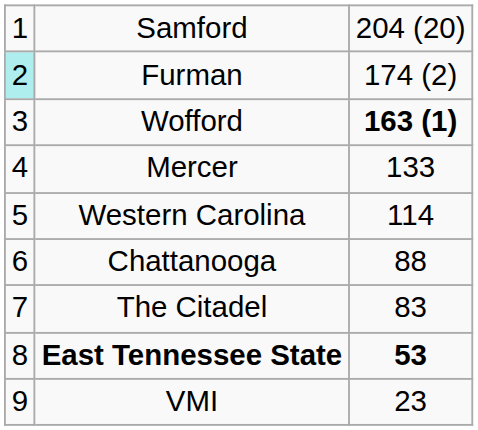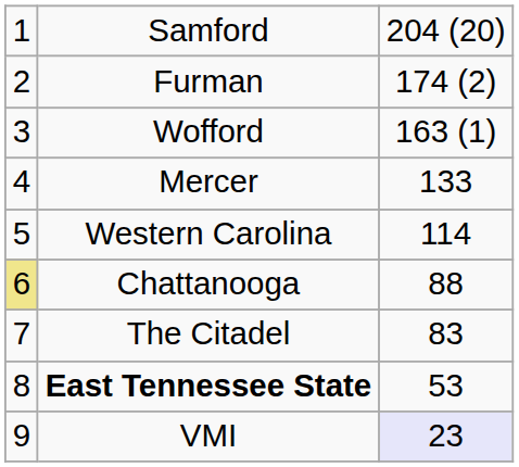 <table class="wikitable" style="display: inline-table;">
 <tr align="center">
 <td>1</td>
 <td>Samford</td>
 <td>204 (20)</td>
 </tr>
 <tr align="center">
-<td style="background: paleturquoise;">2</td>
+<td>2</td>
 <td>Furman</td>
 <td>174 (2)</td>
 </tr>
 <tr align="center">
 <td>3</td>
 <td>Wofford</td>
-<td><strong>163 (1)</strong></td>
+<td>163 (1)</td>
 </tr>
 <tr align="center">
 <td>4</td>
 <td>Mercer</td>
 <td>133</td>
 </tr>
 <tr align="center">
 <td>5</td>
 <td>Western Carolina</td>
 <td>114</td>
 </tr>
 <tr align="center">
-<td>6</td>
+<td style="background: khaki;">6</td>
 <td>Chattanooga</td>
 <td>88</td>
 </tr>
 <tr align="center">
 <td>7</td>
 <td>The Citadel</td>
 <td>83</td>
 </tr>
 <tr align="center">
 <td>8</td>
 <td><strong>East Tennessee State</strong></td>
-<td><strong>53</strong></td>
+<td>53</td>
 </tr>
 <tr align="center">
 <td>9</td>
 <td>VMI</td>
-<td>23</td>
+<td style="background: lavender;">23</td>
 </tr>
 </table>
